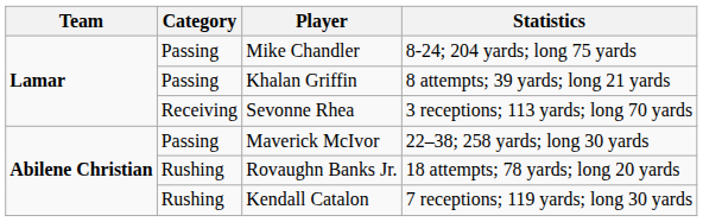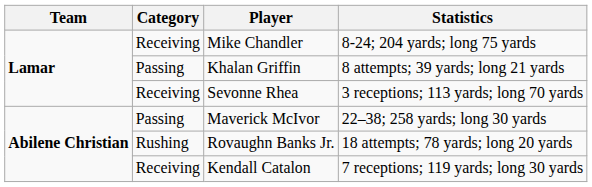 <table class="wikitable" style="float: right;">
 <tr>
 <th>Team</th>
 <th>Category</th>
 <th>Player</th>
 <th>Statistics</th>
 </tr>
 <tr>
 <td rowspan=3><strong>Lamar</strong></td>
-<td>Passing</td>
+<td>Receiving</td>
 <td>Mike Chandler</td>
 <td>8-24; 204 yards; long 75 yards</td>
 </tr>
 <tr>
 <td>Passing</td>
 <td>Khalan Griffin</td>
 <td>8 attempts; 39 yards; long 21 yards</td>
 </tr>
 <tr>
 <td>Receiving</td>
 <td>Sevonne Rhea</td>
 <td>3 receptions; 113 yards; long 70 yards</td>
 </tr>
 <tr>
 <td rowspan=3><strong>Abilene Christian</strong></td>
 <td>Passing</td>
 <td>Maverick McIvor</td>
 <td>22–38; 258 yards; long 30 yards</td>
 </tr>
 <tr>
 <td>Rushing</td>
 <td>Rovaughn Banks Jr.</td>
 <td>18 attempts; 78 yards; long 20 yards</td>
 </tr>
 <tr>
-<td>Rushing</td>
+<td>Receiving</td>
 <td>Kendall Catalon</td>
 <td>7 receptions; 119 yards; long 30 yards</td>
 </tr>
 </table>
